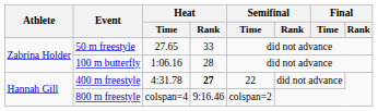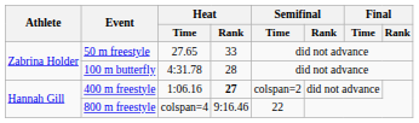 <table class=wikitable style="font-size:90%">
 <tr>
 <th rowspan=2>Athlete</th>
 <th rowspan=2>Event</th>
 <th colspan="2">Heat</th>
 <th colspan="2">Semifinal</th>
 <th colspan="2">Final</th>
 </tr>
 <tr style="font-size:95%">
 <th>Time</th>
 <th>Rank</th>
 <th>Time</th>
 <th>Rank</th>
 <th>Time</th>
 <th>Rank</th>
 </tr>
 <tr align=center>
 <td align=left rowspan=2><a href='#'>Zabrina Holder</a></td>
 <td align=left><a href='#'>50 m freestyle</a></td>
 <td>27.65</td>
 <td>33</td>
 <td colspan=4>did not advance</td>
 </tr>
 <tr align=center>
 <td align=left><a href='#'>100 m butterfly</a></td>
-<td>1:06.16</td>
+<td>4:31.78</td>
 <td>28</td>
 <td colspan=4>did not advance</td>
 </tr>
 <tr align=center>
 <td align=left rowspan=2><a href='#'>Hannah Gill</a></td>
 <td align=left><a href='#'>400 m freestyle</a></td>
-<td>4:31.78</td>
+<td>1:06.16</td>
 <td><strong>27</strong></td>
-<td>22</td>
+<td>colspan=2 </td>
 <td colspan=2>did not advance</td>
 </tr>
 <tr align=center>
 <td align=left><a href='#'>800 m freestyle</a></td>
 <td>colspan=4 </td>
 <td>9:16.46</td>
-<td>colspan=2 </td>
+<td>22</td>
 </tr>
 </table>
